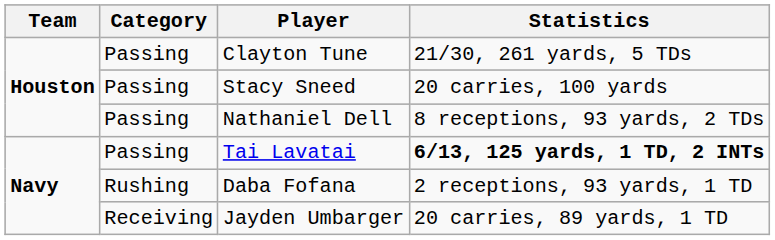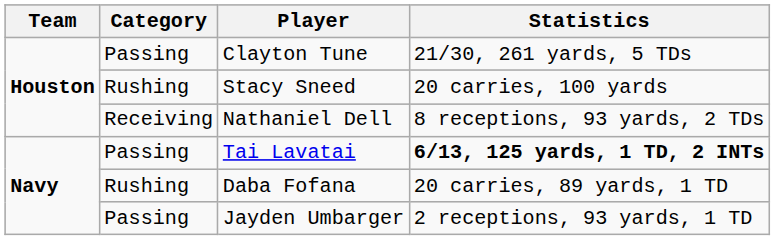 <table class="wikitable" style="float: right;">
 <tr>
 <th>Team</th>
 <th>Category</th>
 <th>Player</th>
 <th>Statistics</th>
 </tr>
 <tr>
 <td rowspan=3><strong>Houston</strong></td>
 <td>Passing</td>
 <td>Clayton Tune</td>
 <td>21/30, 261 yards, 5 TDs</td>
 </tr>
 <tr>
-<td>Passing</td>
+<td>Rushing</td>
 <td>Stacy Sneed</td>
 <td>20 carries, 100 yards</td>
 </tr>
 <tr>
-<td>Passing</td>
+<td>Receiving</td>
 <td>Nathaniel Dell</td>
 <td>8 receptions, 93 yards, 2 TDs</td>
 </tr>
 <tr>
 <td rowspan=3><strong>Navy</strong></td>
 <td>Passing</td>
 <td><a href='#'>Tai Lavatai</a></td>
 <td><strong>6/13, 125 yards, 1 TD, 2 INTs</strong></td>
 </tr>
 <tr>
 <td>Rushing</td>
 <td>Daba Fofana</td>
+<td>20 carries, 89 yards, 1 TD</td>
+</tr>
+<tr>
+<td>Passing</td>
+<td>Jayden Umbarger</td>
 <td>2 receptions, 93 yards, 1 TD</td>
 </tr>
-<tr>
-<td>Receiving</td>
-<td>Jayden Umbarger</td>
-<td>20 carries, 89 yards, 1 TD</td>
-</tr>
 </table>
